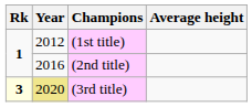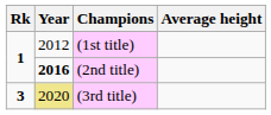 <table class="wikitable" style="text-align: center; font-size: 90%; margin-left: 1em;">
 <tr>
 <th>Rk</th>
 <th>Year</th>
 <th>Champions</th>
 <th>Average height</th>
 </tr>
 <tr>
 <td rowspan="2"><strong>1</strong></td>
 <td>2012</td>
 <td style="background-color: #ffccff; text-align: left;"> (1st title)</td>
 <td style="text-align: left;"><strong></strong></td>
 </tr>
 <tr>
-<td>2016</td>
+<td><strong>2016</strong></td>
 <td style="background-color: #ffccff; text-align: left;"> (2nd title)</td>
 <td style="text-align: left;"><strong></strong></td>
 </tr>
 <tr>
-<td style="background: lightyellow;"><strong>3</strong></td>
+<td><strong>3</strong></td>
 <td style="background: khaki;">2020</td>
 <td style="background-color: #ffccff; text-align: left;"> (3rd title)</td>
 <td style="text-align: left;"><strong></strong></td>
 </tr>
 </table>
